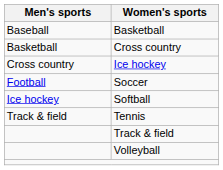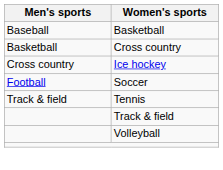 <table class="wikitable"; style= "text-align: ">
 <tr>
 <th width=150px>Men's sports</th>
 <th width=150px>Women's sports</th>
 </tr>
 <tr>
 <td>Baseball</td>
 <td>Basketball</td>
 </tr>
 <tr>
 <td>Basketball</td>
 <td>Cross country</td>
 </tr>
 <tr>
 <td>Cross country</td>
 <td><a href='#'>Ice hockey</a></td>
 </tr>
 <tr>
 <td><a href='#'>Football</a></td>
 <td>Soccer</td>
 </tr>
 <tr>
-<td><a href='#'>Ice hockey</a></td>
-<td>Softball</td>
-</tr>
-<tr>
 <td>Track & field</td>
 <td>Tennis</td>
 </tr>
 <tr>
 <td></td>
 <td>Track & field</td>
 </tr>
 <tr>
 <td></td>
 <td>Volleyball</td>
 </tr>
 <tr>
 <td colspan="2"></td>
 </tr>
 </table>
